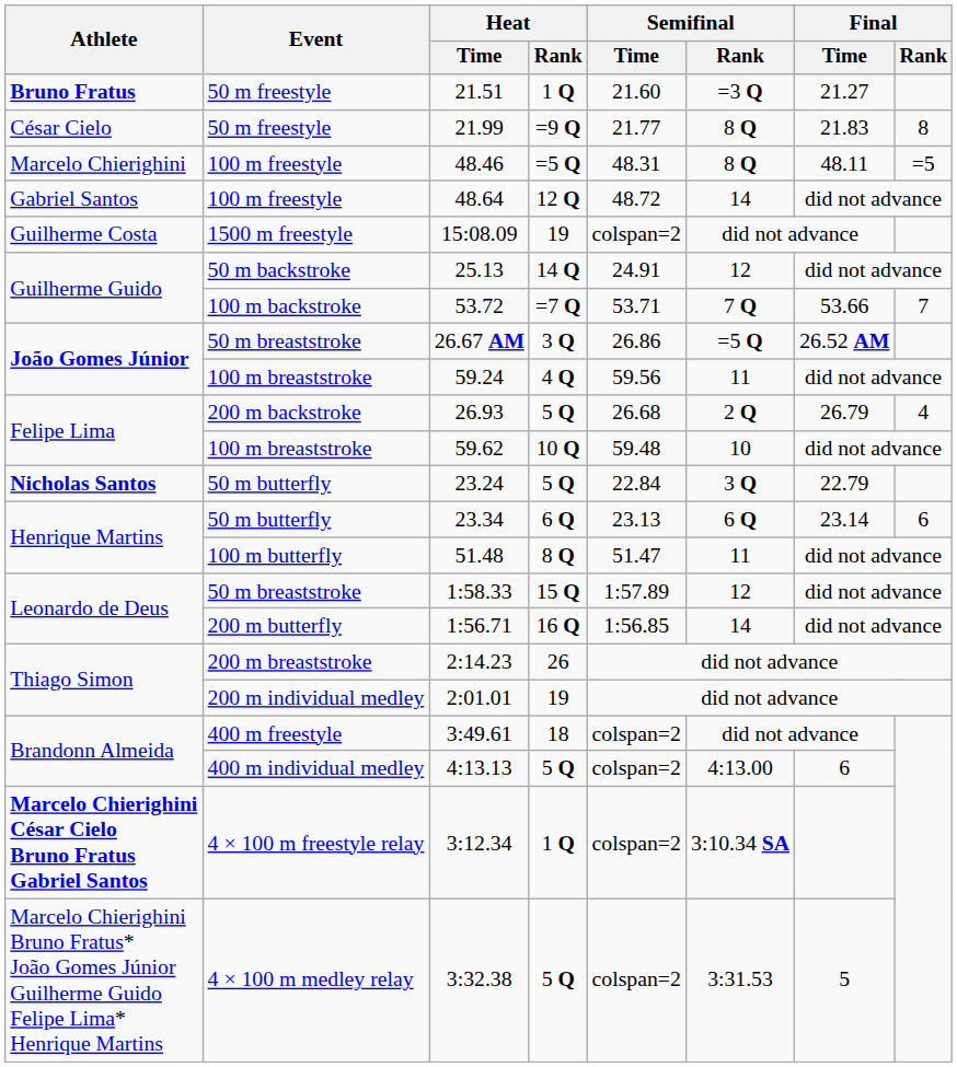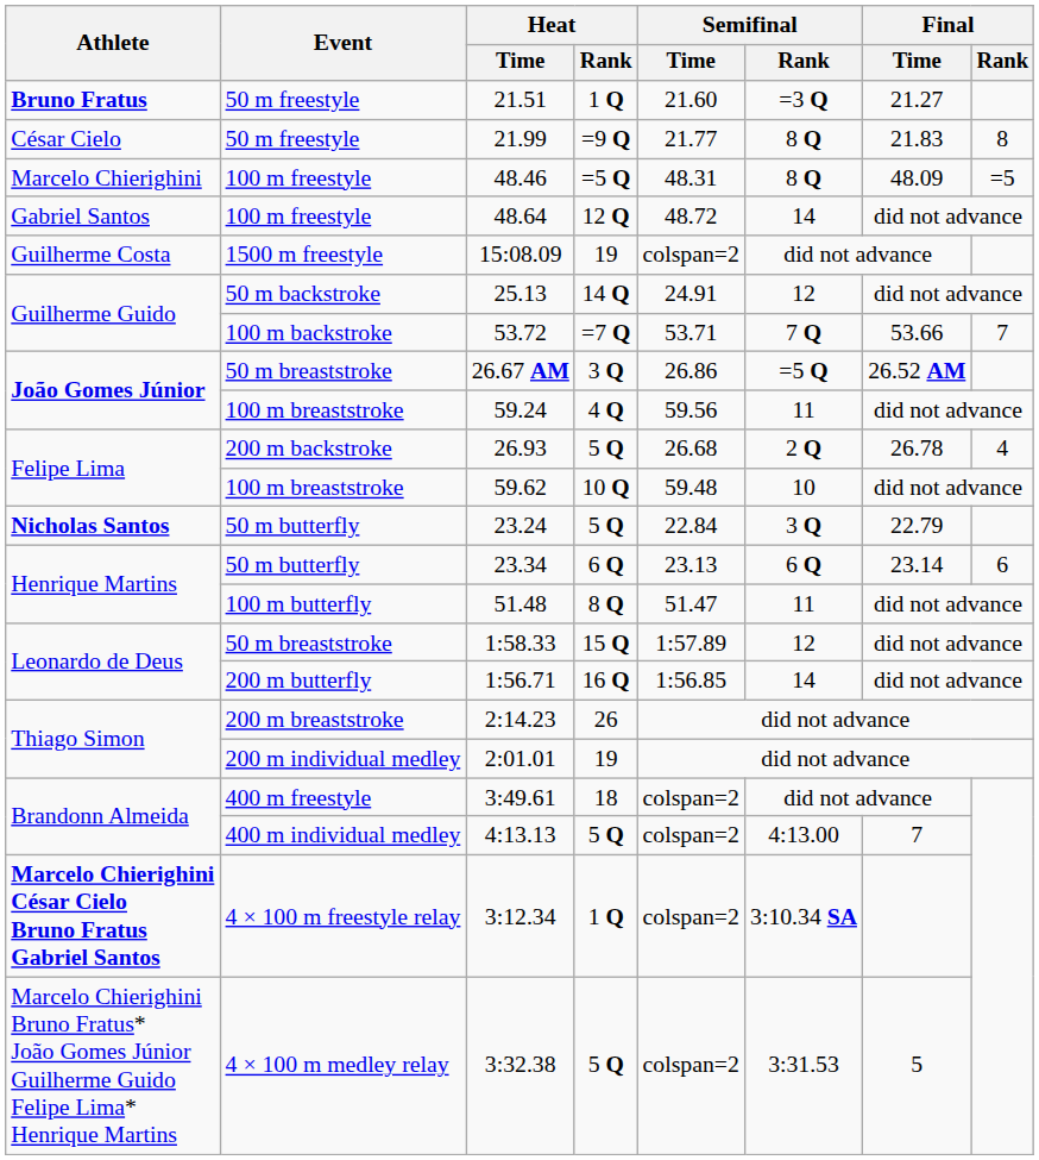 <table class=wikitable style="font-size:90%">
 <tr>
 <th rowspan="2">Athlete</th>
 <th rowspan="2">Event</th>
 <th colspan="2">Heat</th>
 <th colspan="2">Semifinal</th>
 <th colspan="2">Final</th>
 </tr>
 <tr style="font-size:95%">
 <th>Time</th>
 <th>Rank</th>
 <th>Time</th>
 <th>Rank</th>
 <th>Time</th>
 <th>Rank</th>
 </tr>
 <tr align=center>
 <td align=left><strong><a href='#'>Bruno Fratus</a></strong></td>
 <td align=left><a href='#'>50 m freestyle</a></td>
 <td>21.51</td>
 <td>1 <strong>Q</strong></td>
 <td>21.60</td>
 <td>=3 <strong>Q</strong></td>
 <td>21.27</td>
 <td></td>
 </tr>
 <tr align=center>
 <td align=left><a href='#'>César Cielo</a></td>
 <td align=left><a href='#'>50 m freestyle</a></td>
 <td>21.99</td>
 <td>=9 <strong>Q</strong></td>
 <td>21.77</td>
 <td>8 <strong>Q</strong></td>
 <td>21.83</td>
 <td>8</td>
 </tr>
 <tr align=center>
 <td align=left><a href='#'>Marcelo Chierighini</a></td>
 <td align=left><a href='#'>100 m freestyle</a></td>
 <td>48.46</td>
 <td>=5 <strong>Q</strong></td>
 <td>48.31</td>
 <td>8 <strong>Q</strong></td>
-<td>48.11</td>
+<td>48.09</td>
 <td>=5</td>
 </tr>
 <tr align=center>
 <td align=left><a href='#'>Gabriel Santos</a></td>
 <td align=left><a href='#'>100 m freestyle</a></td>
 <td>48.64</td>
 <td>12 <strong>Q</strong></td>
 <td>48.72</td>
 <td>14</td>
 <td colspan=2>did not advance</td>
 </tr>
 <tr align=center>
 <td align=left><a href='#'>Guilherme Costa</a></td>
 <td align=left><a href='#'>1500 m freestyle</a></td>
 <td>15:08.09</td>
 <td>19</td>
 <td>colspan=2 </td>
 <td colspan=2>did not advance</td>
 </tr>
 <tr align=center>
 <td align=left rowspan=2><a href='#'>Guilherme Guido</a></td>
 <td align=left><a href='#'>50 m backstroke</a></td>
 <td>25.13</td>
 <td>14 <strong>Q</strong></td>
 <td>24.91</td>
 <td>12</td>
 <td colspan=2>did not advance</td>
 </tr>
 <tr align=center>
 <td align=left><a href='#'>100 m backstroke</a></td>
 <td>53.72</td>
 <td>=7 <strong>Q</strong></td>
 <td>53.71</td>
 <td>7 <strong>Q</strong></td>
 <td>53.66</td>
 <td>7</td>
 </tr>
 <tr align=center>
 <td align=left rowspan=2><strong><a href='#'>João Gomes Júnior</a></strong></td>
 <td align=left><a href='#'>50 m breaststroke</a></td>
 <td>26.67 <strong><a href='#'>AM</a></strong></td>
 <td>3 <strong>Q</strong></td>
 <td>26.86</td>
 <td>=5 <strong>Q</strong></td>
 <td>26.52 <strong><a href='#'>AM</a></strong></td>
 <td></td>
 </tr>
 <tr align=center>
 <td align=left><a href='#'>100 m breaststroke</a></td>
 <td>59.24</td>
 <td>4 <strong>Q</strong></td>
 <td>59.56</td>
 <td>11</td>
 <td colspan=2>did not advance</td>
 </tr>
 <tr align=center>
 <td align=left rowspan=2><a href='#'>Felipe Lima</a></td>
 <td align=left><a href='#'>200 m backstroke</a></td>
 <td>26.93</td>
 <td>5 <strong>Q</strong></td>
 <td>26.68</td>
 <td>2 <strong>Q</strong></td>
-<td>26.79</td>
+<td>26.78</td>
 <td>4</td>
 </tr>
 <tr align=center>
 <td align=left><a href='#'>100 m breaststroke</a></td>
 <td>59.62</td>
 <td>10 <strong>Q</strong></td>
 <td>59.48</td>
 <td>10</td>
 <td colspan=2>did not advance</td>
 </tr>
 <tr align=center>
 <td align=left><strong><a href='#'>Nicholas Santos</a></strong></td>
 <td align=left><a href='#'>50 m butterfly</a></td>
 <td>23.24</td>
 <td>5 <strong>Q</strong></td>
 <td>22.84</td>
 <td>3 <strong>Q</strong></td>
 <td>22.79</td>
 <td></td>
 </tr>
 <tr align=center>
 <td align=left rowspan=2><a href='#'>Henrique Martins</a></td>
 <td align=left><a href='#'>50 m butterfly</a></td>
 <td>23.34</td>
 <td>6 <strong>Q</strong></td>
 <td>23.13</td>
 <td>6 <strong>Q</strong></td>
 <td>23.14</td>
 <td>6</td>
 </tr>
 <tr align=center>
 <td align=left><a href='#'>100 m butterfly</a></td>
 <td>51.48</td>
 <td>8 <strong>Q</strong></td>
 <td>51.47</td>
 <td>11</td>
 <td colspan=2>did not advance</td>
 </tr>
 <tr align=center>
 <td align=left rowspan=2><a href='#'>Leonardo de Deus</a></td>
 <td align=left><a href='#'>50 m breaststroke</a></td>
 <td>1:58.33</td>
 <td>15 <strong>Q</strong></td>
 <td>1:57.89</td>
 <td>12</td>
 <td colspan=2>did not advance</td>
 </tr>
 <tr align=center>
 <td align=left><a href='#'>200 m butterfly</a></td>
 <td>1:56.71</td>
 <td>16 <strong>Q</strong></td>
 <td>1:56.85</td>
 <td>14</td>
 <td colspan=2>did not advance</td>
 </tr>
 <tr align=center>
 <td align=left rowspan=2><a href='#'>Thiago Simon</a></td>
 <td align=left><a href='#'>200 m breaststroke</a></td>
 <td>2:14.23</td>
 <td>26</td>
 <td colspan=4>did not advance</td>
 </tr>
 <tr align=center>
 <td align=left><a href='#'>200 m individual medley</a></td>
 <td>2:01.01</td>
 <td>19</td>
 <td colspan=4>did not advance</td>
 </tr>
 <tr align=center>
 <td align=left rowspan=2><a href='#'>Brandonn Almeida</a></td>
 <td align=left><a href='#'>400 m freestyle</a></td>
 <td>3:49.61</td>
 <td>18</td>
 <td>colspan=2 </td>
 <td colspan=2>did not advance</td>
 </tr>
 <tr align=center>
 <td align=left><a href='#'>400 m individual medley</a></td>
 <td>4:13.13</td>
 <td>5 <strong>Q</strong></td>
 <td>colspan=2 </td>
 <td>4:13.00</td>
-<td>6</td>
+<td>7</td>
 </tr>
 <tr align=center>
 <td align=left><strong><a href='#'>Marcelo Chierighini</a><br><a href='#'>César Cielo</a><br><a href='#'>Bruno Fratus</a><br><a href='#'>Gabriel Santos</a></strong></td>
 <td align=left><a href='#'>4 × 100 m freestyle relay</a></td>
 <td>3:12.34</td>
 <td>1 <strong>Q</strong></td>
 <td>colspan=2 </td>
 <td>3:10.34 <strong><a href='#'>SA</a></strong></td>
 <td></td>
 </tr>
 <tr align=center>
 <td align=left><a href='#'>Marcelo Chierighini</a><br><a href='#'>Bruno Fratus</a>*<br><a href='#'>João Gomes Júnior</a><br><a href='#'>Guilherme Guido</a><br><a href='#'>Felipe Lima</a>*<br><a href='#'>Henrique Martins</a></td>
 <td align=left><a href='#'>4 × 100 m medley relay</a></td>
 <td>3:32.38</td>
 <td>5 <strong>Q</strong></td>
 <td>colspan=2 </td>
 <td>3:31.53</td>
 <td>5</td>
 </tr>
 </table>
